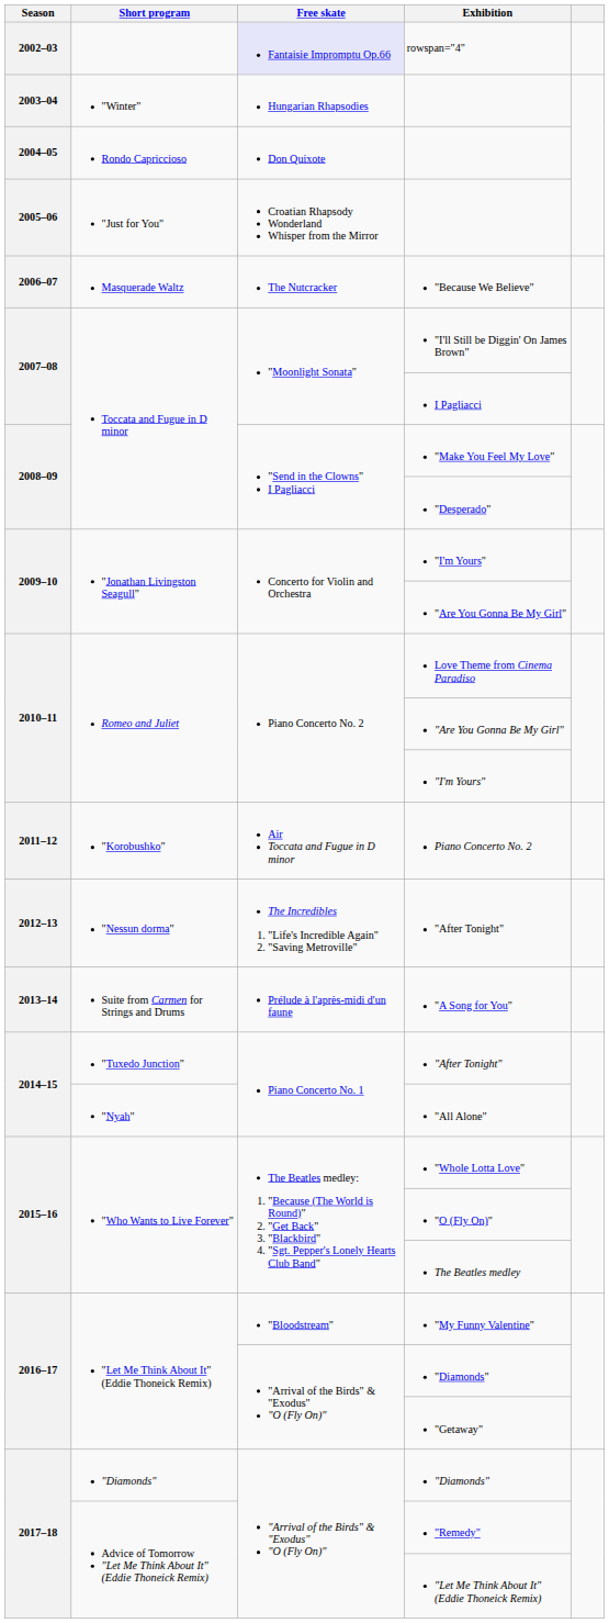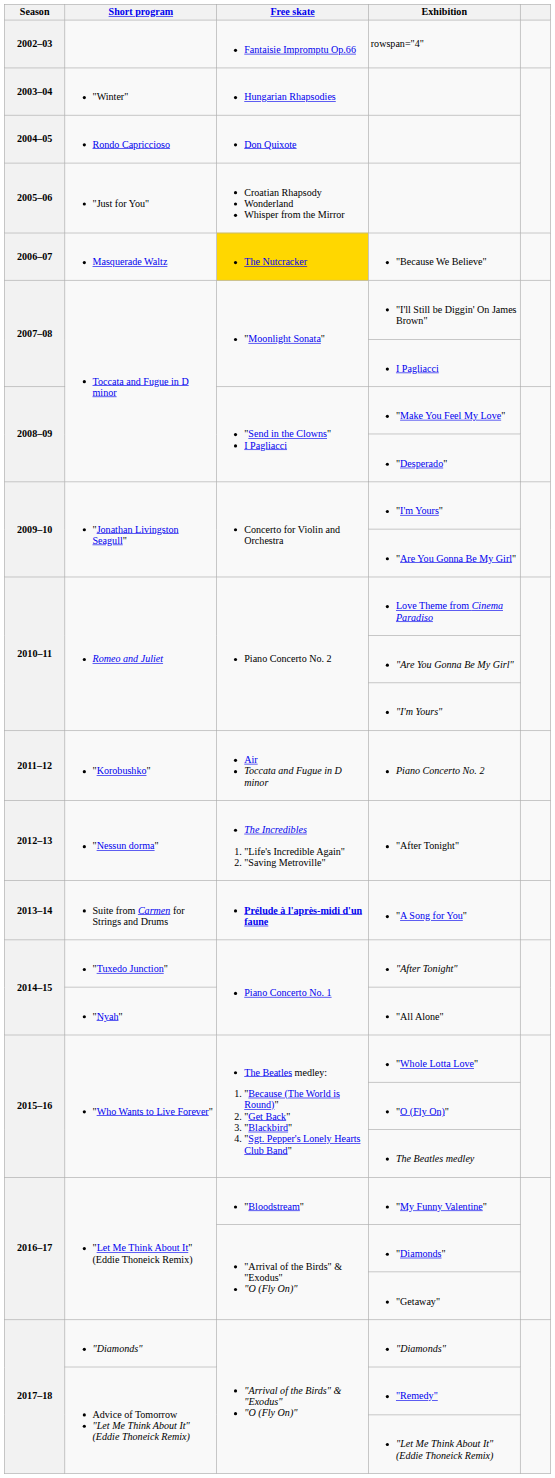 <table class="wikitable unsortable" style="text-align:left">
 <tr>
 <th scope="col" style="text-align:center; width:10%">Season</th>
 <th scope="col" style="text-align:center; width:25%"><a href='#'>Short program</a></th>
 <th scope="col" style="text-align:center; width:25%"><a href='#'>Free skate</a></th>
 <th scope="col" style="text-align:center; width:25%">Exhibition</th>
 <th scope="col" style="text-align:center; width:5%"></th>
 </tr>
 <tr>
 <th scope="row">2002–03</th>
 <td></td>
-<td style="background: lavender;"><br><ul><li><a href='#'>Fantaisie Impromptu Op.66</a><br></li></ul></td>
+<td><br><ul><li><a href='#'>Fantaisie Impromptu Op.66</a><br></li></ul></td>
 <td>rowspan="4" </td>
 <td></td>
 </tr>
 <tr>
 <th scope="row">2003–04</th>
 <td><br><ul><li>"Winter"<br></li></ul></td>
 <td><br><ul><li><a href='#'>Hungarian Rhapsodies</a><br></li></ul></td>
 <td></td>
 </tr>
 <tr>
 <th scope="row">2004–05</th>
 <td><br><ul><li><a href='#'>Rondo Capriccioso</a><br></li></ul></td>
 <td><br><ul><li><a href='#'>Don Quixote</a><br></li></ul></td>
 <td></td>
 </tr>
 <tr>
 <th scope="row">2005–06</th>
 <td><br><ul><li>"Just for You"<br></li></ul></td>
 <td><br><ul><li>Croatian Rhapsody</li><li>Wonderland<br></li><li>Whisper from the Mirror<br></li></ul></td>
 <td></td>
 </tr>
 <tr>
 <th scope="row">2006–07</th>
 <td><br><ul><li><a href='#'>Masquerade Waltz</a><br></li></ul></td>
-<td><br><ul><li><a href='#'>The Nutcracker</a><br></li></ul></td>
+<td style="background: gold;"><br><ul><li><a href='#'>The Nutcracker</a><br></li></ul></td>
 <td><br><ul><li>"Because We Believe"<br></li></ul></td>
 <td></td>
 </tr>
 <tr>
 <th rowspan="2">2007–08</th>
 <td rowspan="5"><br><ul><li><a href='#'>Toccata and Fugue in D minor</a><br></li></ul></td>
 <td rowspan="2"><br><ul><li>"<a href='#'>Moonlight Sonata</a>"<br></li></ul></td>
 <td><br><ul><li>"I'll Still be Diggin' On James Brown"<br></li></ul></td>
 <td rowspan="2"></td>
 </tr>
 <tr>
 <td><br><ul><li><a href='#'>I Pagliacci</a><br></li></ul></td>
 </tr>
 <tr>
 <th rowspan="3">2008–09</th>
 <td rowspan="3"><br><ul><li>"<a href='#'>Send in the Clowns</a>"<br></li><li><a href='#'>I Pagliacci</a><br></li></ul></td>
 <td><br><ul><li>"<a href='#'>Make You Feel My Love</a>"<br></li></ul></td>
 <td rowspan="3"></td>
 </tr>
 <tr>
 <td><br><ul><li>"<a href='#'>Desperado</a>"<br></li></ul></td>
 </tr>
 <tr>
 <td rowspan="2"><br><ul><li>"<a href='#'>I'm Yours</a>"<br></li></ul></td>
 </tr>
 <tr>
 <th rowspan="2">2009–10</th>
 <td rowspan="2"><br><ul><li>"<a href='#'>Jonathan Livingston Seagull</a>"<br></li></ul></td>
 <td rowspan="2"><br><ul><li>Concerto for Violin and Orchestra<br></li></ul></td>
 <td rowspan="2"></td>
 </tr>
 <tr>
 <td><br><ul><li>"<a href='#'>Are You Gonna Be My Girl</a>"<br></li></ul></td>
 </tr>
 <tr>
 <th rowspan="3">2010–11</th>
 <td rowspan="3"><br><ul><li><em><a href='#'>Romeo and Juliet</a></em><br></li></ul></td>
 <td rowspan="3"><br><ul><li>Piano Concerto No. 2<br></li></ul></td>
 <td><br><ul><li><a href='#'>Love Theme from <em>Cinema Paradiso</em></a><br></li></ul></td>
 <td rowspan="3"></td>
 </tr>
 <tr>
 <td><br><ul><li><em>"Are You Gonna Be My Girl"</em></li></ul></td>
 </tr>
 <tr>
 <td><br><ul><li><em>"I'm Yours"</em></li></ul></td>
 </tr>
 <tr>
 <th scope="row">2011–12</th>
 <td><br><ul><li>"<a href='#'>Korobushko</a>"<br></li></ul></td>
 <td><br><ul><li><a href='#'>Air</a></li><li><em>Toccata and Fugue in D minor</em><br></li></ul></td>
 <td><br><ul><li><em>Piano Concerto No. 2</em><br></li></ul></td>
 <td></td>
 </tr>
 <tr>
 <th scope="row">2012–13</th>
 <td><br><ul><li>"<a href='#'>Nessun dorma</a>"<br></li></ul></td>
 <td><br><ul><li><em><a href='#'>The Incredibles</a></em></li></ul><ol><li>"Life's Incredible Again"</li><li>"Saving Metroville"<br></li></ol></td>
 <td><br><ul><li>"After Tonight"<br></li></ul></td>
 <td></td>
 </tr>
 <tr>
 <th scope="row">2013–14</th>
 <td><br><ul><li>Suite from <em><a href='#'>Carmen</a></em> for Strings and Drums<br></li></ul></td>
-<td><br><ul><li><a href='#'>Prélude à l'après-midi d'un faune</a><br></li></ul></td>
+<td><strong><br><ul><li><a href='#'>Prélude à l'après-midi d'un faune</a><br></li></ul></strong></td>
 <td><br><ul><li>"<a href='#'>A Song for You</a>"<br></li></ul></td>
 <td></td>
 </tr>
 <tr>
 <th rowspan="2">2014–15</th>
 <td><br><ul><li>"<a href='#'>Tuxedo Junction</a>"<br></li></ul></td>
 <td rowspan="2"><br><ul><li><a href='#'>Piano Concerto No. 1</a><br></li></ul></td>
 <td><br><ul><li><em>"After Tonight"</em></li></ul></td>
 <td rowspan="2"></td>
 </tr>
 <tr>
 <td><br><ul><li>"<a href='#'>Nyah</a>"<br></li></ul></td>
 <td><br><ul><li>"All Alone"<br></li></ul></td>
 </tr>
 <tr>
 <th rowspan="3">2015–16</th>
 <td rowspan="3"><br><ul><li>"<a href='#'>Who Wants to Live Forever</a>"<br></li></ul></td>
 <td rowspan="3"><br><ul><li><a href='#'>The Beatles</a> medley:</li></ul><ol><li>"<a href='#'>Because (The World is Round)</a>"</li><li>"<a href='#'>Get Back</a>"</li><li>"<a href='#'>Blackbird</a>"</li><li>"<a href='#'>Sgt. Pepper's Lonely Hearts Club Band</a>"<br></li></ol></td>
 <td><br><ul><li>"<a href='#'>Whole Lotta Love</a>"<br></li></ul></td>
 <td rowspan="3"></td>
 </tr>
 <tr>
 <td><br><ul><li>"<a href='#'>O (Fly On)</a>"<br></li></ul></td>
 </tr>
 <tr>
 <td><br><ul><li><em>The Beatles medley</em><br></li></ul></td>
 </tr>
 <tr>
 <th rowspan="3">2016–17</th>
 <td rowspan="3"><br><ul><li>"<a href='#'>Let Me Think About It</a>" (Eddie Thoneick Remix)<br></li></ul></td>
 <td><br><ul><li>"<a href='#'>Bloodstream</a>"<br></li></ul></td>
 <td><br><ul><li>"<a href='#'>My Funny Valentine</a>"</li></ul></td>
 <td rowspan="3"></td>
 </tr>
 <tr>
 <td rowspan="2"><br><ul><li>"Arrival of the Birds" & "Exodus"<br></li><li><em>"O (Fly On)"</em></li></ul></td>
 <td><br><ul><li>"<a href='#'>Diamonds</a>"<br></li></ul></td>
 </tr>
 <tr>
 <td><br><ul><li>"Getaway"<br></li></ul></td>
 </tr>
 <tr>
 <th rowspan="3">2017–18</th>
 <td><br><ul><li><em>"Diamonds"</em><br></li></ul></td>
 <td rowspan="3"><br><ul><li><em>"Arrival of the Birds" & "Exodus"</em></li><li><em>"O (Fly On)"</em></li></ul></td>
 <td><br><ul><li><em>"Diamonds"</em><br></li></ul></td>
 <td rowspan="3"></td>
 </tr>
 <tr>
 <td rowspan="2"><br><ul><li>Advice of Tomorrow<br></li><li><em>"Let Me Think About It" (Eddie Thoneick Remix)</em></li></ul></td>
 <td><br><ul><li><a href='#'>"Remedy"</a><br></li></ul></td>
 </tr>
 <tr>
 <td><br><ul><li><em>"Let Me Think About It" (Eddie Thoneick Remix)</em></li></ul></td>
 </tr>
 </table>
